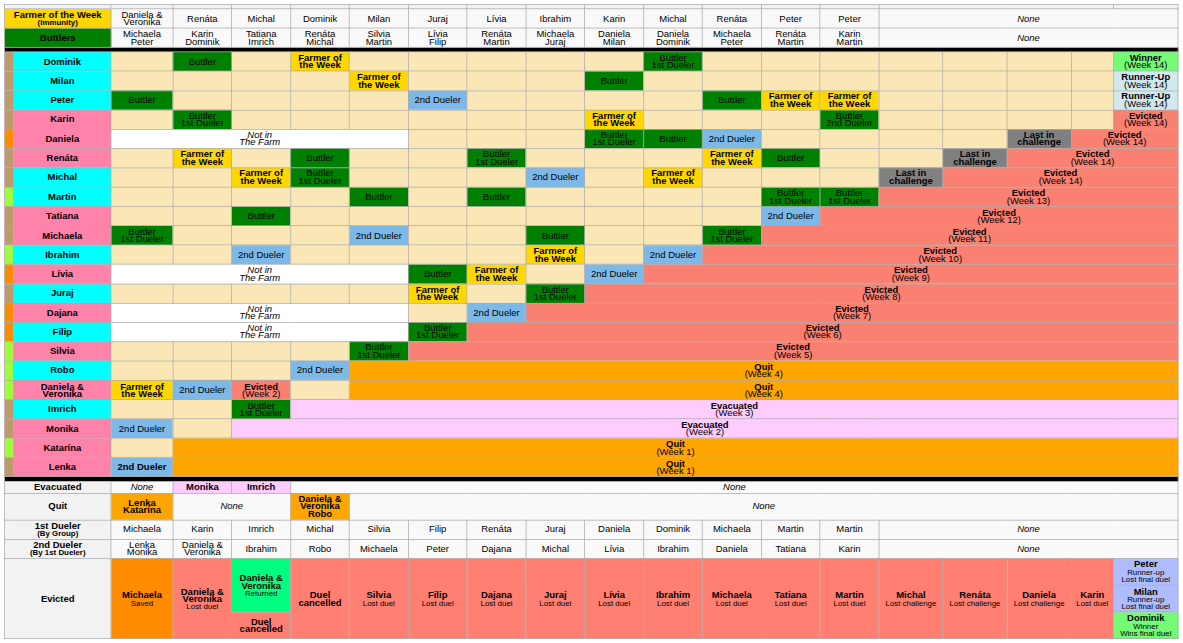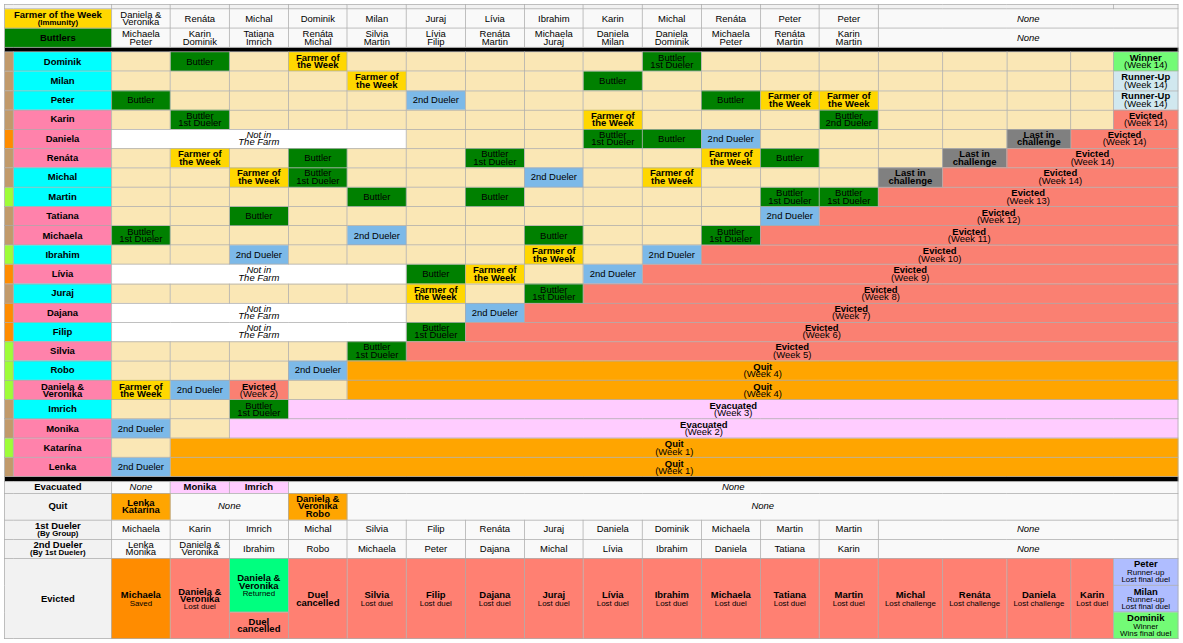 <table class="wikitable" style="text-align:center; width:80%; font-size:80%; line-height:10px">
 <tr>
 <th colspan=2></th>
 <th></th>
 <th></th>
 <th></th>
 <th></th>
 <th></th>
 <th></th>
 <th></th>
 <th></th>
 <th></th>
 <th></th>
 <th></th>
 <th></th>
 <th></th>
 <th colspan=4></th>
 <th></th>
 </tr>
 <tr>
 <th colspan=2 style="background:gold;">Farmer of the Week<br><small>(Immunity)</small></th>
 <td>Daniela &<br>Veronika</td>
 <td>Renáta</td>
 <td>Michal</td>
 <td>Dominik</td>
 <td>Milan</td>
 <td>Juraj</td>
 <td>Lívia</td>
 <td>Ibrahim</td>
 <td>Karin</td>
 <td>Michal</td>
 <td>Renáta</td>
 <td>Peter</td>
 <td>Peter</td>
 <td colspan=5><em>None</em></td>
 </tr>
 <tr>
 <th colspan=2 style="background:#008000;">Buttlers</th>
 <td>Michaela<br>Peter</td>
 <td>Karin<br>Dominik</td>
 <td>Tatiana<br>Imrich</td>
 <td>Renáta<br>Michal</td>
 <td>Silvia<br>Martin</td>
 <td>Lívia<br>Filip</td>
 <td>Renáta<br>Martin</td>
 <td>Michaela<br>Juraj</td>
 <td>Daniela<br>Milan</td>
 <td>Daniela<br>Dominik</td>
 <td>Michaela<br>Peter</td>
 <td>Renáta<br>Martin</td>
 <td>Karin<br>Martin</td>
 <td colspan=5><em>None</em></td>
 </tr>
 <tr>
 <th style="background:#000000;" colspan="20"></th>
 </tr>
 <tr>
 <td style="background:#C19A6B"></td>
 <th style="background:cyan;">Dominik</th>
 <td style="background:#FAE7B5;"></td>
 <td style="background:#008000;">Buttler</td>
 <td style="background:#FAE7B5;"></td>
 <td style="background:gold;"><strong>Farmer of<br>the Week</strong></td>
 <td style="background:#FAE7B5;"></td>
 <td style="background:#FAE7B5;"></td>
 <td style="background:#FAE7B5;"></td>
 <td style="background:#FAE7B5;"></td>
 <td style="background:#FAE7B5;"></td>
 <td style="background:#008000;">Buttler<br>1st Dueler</td>
 <td style="background:#FAE7B5;"></td>
 <td style="background:#FAE7B5;"></td>
 <td style="background:#FAE7B5;"></td>
 <td style="background:#FAE7B5;"></td>
 <td style="background:#FAE7B5;"></td>
 <td style="background:#FAE7B5;"></td>
 <td style="background:#FAE7B5;"></td>
 <td style="background:#73FB76" colspan=2><strong>Winner</strong> <br> (Week 14)</td>
 </tr>
 <tr>
 <td style="background:#C19A6B"></td>
 <th style="background:cyan;">Milan</th>
 <td style="background:#FAE7B5;"></td>
 <td style="background:#FAE7B5;"></td>
 <td style="background:#FAE7B5;"></td>
 <td style="background:#FAE7B5;"></td>
 <td style="background:gold;"><strong>Farmer of<br>the Week</strong></td>
 <td style="background:#FAE7B5;"></td>
 <td style="background:#FAE7B5;"></td>
 <td style="background:#FAE7B5;"></td>
 <td style="background:#008000;">Buttler</td>
 <td style="background:#FAE7B5;"></td>
 <td style="background:#FAE7B5;"></td>
 <td style="background:#FAE7B5;"></td>
 <td style="background:#FAE7B5;"></td>
 <td style="background:#FAE7B5;"></td>
 <td style="background:#FAE7B5;"></td>
 <td style="background:#FAE7B5;"></td>
 <td style="background:#FAE7B5;"></td>
 <td style="background:#D1E8EF" colspan=2><strong>Runner-Up</strong> <br> (Week 14)</td>
 </tr>
 <tr>
 <td style="background:#C19A6B"></td>
 <th style="background:cyan;">Peter</th>
 <td style="background:#008000;">Buttler</td>
 <td style="background:#FAE7B5;"></td>
 <td style="background:#FAE7B5;"></td>
 <td style="background:#FAE7B5;"></td>
 <td style="background:#FAE7B5;"></td>
 <td style="background:#7CB9E8;">2nd Dueler</td>
 <td style="background:#FAE7B5;"></td>
 <td style="background:#FAE7B5;"></td>
 <td style="background:#FAE7B5;"></td>
 <td style="background:#FAE7B5;"></td>
 <td style="background:#008000;">Buttler</td>
 <td style="background:gold;"><strong>Farmer of<br>the Week</strong></td>
 <td style="background:gold;"><strong>Farmer of<br>the Week</strong></td>
 <td style="background:#FAE7B5;"></td>
 <td style="background:#FAE7B5;"></td>
 <td style="background:#FAE7B5;"></td>
 <td style="background:#FAE7B5;"></td>
 <td style="background:#D1E8EF" colspan=2><strong>Runner-Up</strong> <br> (Week 14)</td>
 </tr>
 <tr>
 <td style="background:#C19A6B"></td>
 <th style="background:#FF82AB;">Karin</th>
 <td style="background:#FAE7B5;"></td>
 <td style="background:#008000;">Buttler<br>1st Dueler</td>
 <td style="background:#FAE7B5;"></td>
 <td style="background:#FAE7B5;"></td>
 <td style="background:#FAE7B5;"></td>
 <td style="background:#FAE7B5;"></td>
 <td style="background:#FAE7B5;"></td>
 <td style="background:#FAE7B5;"></td>
 <td style="background:gold;"><strong>Farmer of<br>the Week</strong></td>
 <td style="background:#FAE7B5;"></td>
 <td style="background:#FAE7B5;"></td>
 <td style="background:#FAE7B5;"></td>
 <td style="background:#008000;">Buttler<br>2nd Dueler</td>
 <td style="background:#FAE7B5;"></td>
 <td style="background:#FAE7B5;"></td>
 <td style="background:#FAE7B5;"></td>
 <td style="background:#FAE7B5;"></td>
 <td colspan=16 style="background:salmon;"><strong>Evicted</strong><br> (Week 14)</td>
 </tr>
 <tr>
 <td style="background:#FF8C00"></td>
 <th style="background:#FF82AB;">Daniela</th>
 <td style="background:#FFFFFF; text-align:center;" colspan=5><em>Not in<br>The Farm</em></td>
 <td style="background:#FAE7B5;"></td>
 <td style="background:#FAE7B5;"></td>
 <td style="background:#FAE7B5;"></td>
 <td style="background:#008000;">Buttler<br>1st Dueler</td>
 <td style="background:#008000;">Buttler</td>
 <td style="background:#7CB9E8;">2nd Dueler</td>
 <td style="background:#FAE7B5;"></td>
 <td style="background:#FAE7B5;"></td>
 <td style="background:#FAE7B5;"></td>
 <td style="background:#FAE7B5;"></td>
 <td style="background:grey;"><strong>Last in<br>challenge</strong></td>
 <td colspan=16 style="background:salmon;"><strong>Evicted</strong><br> (Week 14)</td>
 </tr>
 <tr>
 <td style="background:#C19A6B"></td>
 <th style="background:#FF82AB;">Renáta</th>
 <td style="background:#FAE7B5;"></td>
 <td style="background:gold;"><strong>Farmer of<br>the Week</strong></td>
 <td style="background:#FAE7B5;"></td>
 <td style="background:#008000;">Buttler</td>
 <td style="background:#FAE7B5;"></td>
 <td style="background:#FAE7B5;"></td>
 <td style="background:#008000;">Buttler<br>1st Dueler</td>
 <td style="background:#FAE7B5;"></td>
 <td style="background:#FAE7B5;"></td>
 <td style="background:#FAE7B5;"></td>
 <td style="background:gold;"><strong>Farmer of<br>the Week</strong></td>
 <td style="background:#008000;">Buttler</td>
 <td style="background:#FAE7B5;"></td>
 <td style="background:#FAE7B5;"></td>
 <td style="background:grey;"><strong>Last in<br>challenge</strong></td>
 <td colspan=16 style="background:salmon;"><strong>Evicted</strong><br> (Week 14)</td>
 </tr>
 <tr>
 <td style="background:#C19A6B"></td>
 <th style="background:cyan;">Michal</th>
 <td style="background:#FAE7B5;"></td>
 <td style="background:#FAE7B5;"></td>
 <td style="background:gold;"><strong>Farmer of<br>the Week</strong></td>
 <td style="background:#008000;">Buttler<br>1st Dueler</td>
 <td style="background:#FAE7B5;"></td>
 <td style="background:#FAE7B5;"></td>
 <td style="background:#FAE7B5;"></td>
 <td style="background:#7CB9E8;">2nd Dueler</td>
 <td style="background:#FAE7B5;"></td>
 <td style="background:gold;"><strong>Farmer of<br>the Week</strong></td>
 <td style="background:#FAE7B5;"></td>
 <td style="background:#FAE7B5;"></td>
 <td style="background:#FAE7B5;"></td>
 <td style="background:grey;"><strong>Last in<br>challenge</strong></td>
 <td colspan=16 style="background:salmon;"><strong>Evicted</strong><br> (Week 14)</td>
 </tr>
 <tr>
 <td style="background:#9EFD38"></td>
 <th style="background:cyan;">Martin</th>
 <td style="background:#FAE7B5;"></td>
 <td style="background:#FAE7B5;"></td>
 <td style="background:#FAE7B5;"></td>
 <td style="background:#FAE7B5;"></td>
 <td style="background:#008000;">Buttler</td>
 <td style="background:#FAE7B5;"></td>
 <td style="background:#008000;">Buttler</td>
 <td style="background:#FAE7B5;"></td>
 <td style="background:#FAE7B5;"></td>
 <td style="background:#FAE7B5;"></td>
 <td style="background:#FAE7B5;"></td>
 <td style="background:#008000;">Buttler<br>1st Dueler</td>
 <td style="background:#008000;">Buttler<br>1st Dueler</td>
 <td colspan=16 style="background:salmon;"><strong>Evicted</strong><br> (Week 13)</td>
 </tr>
 <tr>
 <td style="background:#C19A6B"></td>
 <th style="background:#FF82AB;">Tatiana</th>
 <td style="background:#FAE7B5;"></td>
 <td style="background:#FAE7B5;"></td>
 <td style="background:#008000;">Buttler</td>
 <td style="background:#FAE7B5;"></td>
 <td style="background:#FAE7B5;"></td>
 <td style="background:#FAE7B5;"></td>
 <td style="background:#FAE7B5;"></td>
 <td style="background:#FAE7B5;"></td>
 <td style="background:#FAE7B5;"></td>
 <td style="background:#FAE7B5;"></td>
 <td style="background:#FAE7B5;"></td>
 <td style="background:#7CB9E8;">2nd Dueler</td>
 <td colspan=16 style="background:salmon;"><strong>Evicted</strong><br> (Week 12)</td>
 </tr>
 <tr>
 <td style="background:#C19A6B"></td>
 <th style="background:#FF82AB;">Michaela</th>
 <td style="background:#008000;">Buttler<br>1st Dueler</td>
 <td style="background:#FAE7B5;"></td>
 <td style="background:#FAE7B5;"></td>
 <td style="background:#FAE7B5;"></td>
 <td style="background:#7CB9E8;">2nd Dueler</td>
 <td style="background:#FAE7B5;"></td>
 <td style="background:#FAE7B5;"></td>
 <td style="background:#008000;">Buttler</td>
 <td style="background:#FAE7B5;"></td>
 <td style="background:#FAE7B5;"></td>
 <td style="background:#008000;">Buttler<br>1st Dueler</td>
 <td colspan=16 style="background:salmon;"><strong>Evicted</strong><br> (Week 11)</td>
 </tr>
 <tr>
 <td style="background:#9EFD38"></td>
 <th style="background:cyan;">Ibrahim</th>
 <td style="background:#FAE7B5;"></td>
 <td style="background:#FAE7B5;"></td>
 <td style="background:#7CB9E8;">2nd Dueler</td>
 <td style="background:#FAE7B5;"></td>
 <td style="background:#FAE7B5;"></td>
 <td style="background:#FAE7B5;"></td>
 <td style="background:#FAE7B5;"></td>
 <td style="background:gold;"><strong>Farmer of<br>the Week</strong></td>
 <td style="background:#FAE7B5;"></td>
 <td style="background:#7CB9E8;">2nd Dueler</td>
 <td colspan=16 style="background:salmon;"><strong>Evicted</strong><br> (Week 10)</td>
 </tr>
 <tr>
 <td style="background:#FF8C00"></td>
 <th style="background:#FF82AB;">Lívia</th>
 <td style="background:#FFFFFF; text-align:center;" colspan=5><em>Not in<br>The Farm</em></td>
 <td style="background:#008000;">Buttler</td>
 <td style="background:gold;"><strong>Farmer of<br>the Week</strong></td>
 <td style="background:#FAE7B5;"></td>
 <td style="background:#7CB9E8;">2nd Dueler</td>
 <td colspan=16 style="background:salmon;"><strong>Evicted</strong><br> (Week 9)</td>
 </tr>
 <tr>
 <td style="background:#C19A6B"></td>
 <th style="background:cyan;">Juraj</th>
 <td style="background:#FAE7B5;"></td>
 <td style="background:#FAE7B5;"></td>
 <td style="background:#FAE7B5;"></td>
 <td style="background:#FAE7B5;"></td>
 <td style="background:#FAE7B5;"></td>
 <td style="background:gold;"><strong>Farmer of<br>the Week</strong></td>
 <td style="background:#FAE7B5;"></td>
 <td style="background:#008000;">Buttler<br>1st Dueler</td>
 <td colspan=16 style="background:salmon;"><strong>Evicted</strong><br> (Week 8)</td>
 </tr>
 <tr>
 <td style="background:#FF8C00"></td>
 <th style="background:#FF82AB;">Dajana</th>
 <td style="background:#FFFFFF; text-align:center;" colspan=5><em>Not in<br>The Farm</em></td>
 <td style="background:#FAE7B5;"></td>
 <td style="background:#7CB9E8;">2nd Dueler</td>
 <td colspan=16 style="background:salmon;"><strong>Evicted</strong><br> (Week 7)</td>
 </tr>
 <tr>
 <td style="background:#FF8C00"></td>
 <th style="background:cyan;">Filip</th>
 <td style="background:#FFFFFF; text-align:center;" colspan=5><em>Not in<br>The Farm</em></td>
 <td style="background:#008000;">Buttler<br>1st Dueler</td>
 <td colspan=16 style="background:salmon;"><strong>Evicted</strong><br> (Week 6)</td>
 </tr>
 <tr>
 <td style="background:#9EFD38"></td>
 <th style="background:#FF82AB;">Silvia</th>
 <td style="background:#FAE7B5;"></td>
 <td style="background:#FAE7B5;"></td>
 <td style="background:#FAE7B5;"></td>
 <td style="background:#FAE7B5;"></td>
 <td style="background:#008000;">Buttler<br>1st Dueler</td>
 <td colspan=16 style="background:salmon;"><strong>Evicted</strong><br> (Week 5)</td>
 </tr>
 <tr>
 <td style="background:#9EFD38"></td>
 <th style="background:cyan;">Robo</th>
 <td style="background:#FAE7B5;"></td>
 <td style="background:#FAE7B5;"></td>
 <td style="background:#FAE7B5;"></td>
 <td style="background:#7CB9E8;">2nd Dueler</td>
 <td style="background:#FFA500; text-align:center;" colspan=15><strong>Quit</strong> <br> (Week 4)</td>
 </tr>
 <tr>
 <td style="background:#9EFD38"></td>
 <th style="background:#FF82AB;">Daniela &<br>Veronika</th>
 <td style="background:gold;"><strong>Farmer of<br>the Week</strong></td>
 <td style="background:#7CB9E8;">2nd Dueler</td>
 <td style="background:salmon;"><strong>Evicted</strong><br> (Week 2)</td>
 <td style="background:#FAE7B5;"></td>
 <td style="background:#FFA500; text-align:center;" colspan=15><strong>Quit</strong> <br> (Week 4)</td>
 </tr>
 <tr>
 <td style="background:#C19A6B"></td>
 <th style="background:cyan;">Imrich</th>
 <td style="background:#FAE7B5;"></td>
 <td style="background:#FAE7B5;"></td>
 <td style="background:#008000;">Buttler<br>1st Dueler</td>
 <td style="background:#fcf; text-align:center;" colspan=16><strong>Evacuated</strong> <br> (Week 3)</td>
 </tr>
 <tr>
 <td style="background:#C19A6B"></td>
 <th style="background:#FF82AB;">Monika</th>
 <td style="background:#7CB9E8;">2nd Dueler</td>
 <td style="background:#FAE7B5;"></td>
 <td style="background:#fcf; text-align:center;" colspan=17><strong>Evacuated</strong> <br> (Week 2)</td>
 </tr>
 <tr>
 <td style="background:#9EFD38"></td>
 <th style="background:#FF82AB;">Katarína</th>
 <td style="background:#FAE7B5;"></td>
 <td style="background:#FFA500; text-align:center;" colspan=17><strong>Quit</strong> <br> (Week 1)</td>
 </tr>
 <tr>
 <td style="background:#C19A6B"></td>
 <th style="background:#FF82AB;">Lenka</th>
-<td style="background:#7CB9E8;"><strong>2nd Dueler</strong></td>
+<td style="background:#7CB9E8;">2nd Dueler</td>
 <td style="background:#FFA500; text-align:center;" colspan=17><strong>Quit</strong> <br> (Week 1)</td>
 </tr>
 <tr>
 <th style="background:#000000;" colspan="20"></th>
 </tr>
 <tr>
 <th colspan=2>Evacuated</th>
 <td colspan="1"><em>None</em></td>
 <td style="background:#fcf;"><strong>Monika</strong></td>
 <td style="background:#fcf;"><strong>Imrich</strong></td>
 <td colspan="17"><em>None</em></td>
 </tr>
 <tr>
 <th colspan=2>Quit</th>
 <td style="background:#FFA500;"><strong>Lenka</strong><br><strong>Katarína</strong></td>
 <td colspan="2"><em>None</em></td>
 <td style="background:#FFA500;"><strong>Daniela &<br>Veronika</strong><br><strong>Robo</strong></td>
 <td colspan="17"><em>None</em></td>
 </tr>
 <tr>
 <th colspan=2>1st Dueler<br><small>(By Group)</small></th>
 <td>Michaela</td>
 <td>Karin</td>
 <td>Imrich</td>
 <td>Michal</td>
 <td>Silvia</td>
 <td>Filip</td>
 <td>Renáta</td>
 <td>Juraj</td>
 <td>Daniela</td>
 <td>Dominik</td>
 <td>Michaela</td>
 <td>Martin</td>
 <td>Martin</td>
 <td colspan=10><em>None</em></td>
 </tr>
 <tr>
 <th colspan=2>2nd Dueler<br><small>(By 1st Dueler)</small></th>
 <td>Lenka<br>Monika</td>
 <td>Daniela &<br>Veronika</td>
 <td>Ibrahim</td>
 <td>Robo</td>
 <td>Michaela</td>
 <td>Peter</td>
 <td>Dajana</td>
 <td>Michal</td>
 <td>Lívia</td>
 <td>Ibrahim</td>
 <td>Daniela</td>
 <td>Tatiana</td>
 <td>Karin</td>
 <td colspan=10><em>None</em></td>
 </tr>
 <tr>
 <th colspan=2 rowspan="3">Evicted</th>
 <td rowspan="3" style="background:#FF8C00"><strong>Michaela</strong><br><small>Saved</small></td>
 <td rowspan="3" style="background:#FF8072"><strong>Daniela &<br>Veronika</strong><br><small>Lost duel</small></td>
 <td rowspan="2" style="background:#00FF7F"><strong>Daniela &<br>Veronika</strong><br><small>Returned</small></td>
 <td rowspan="3" style="background:#FF8072"><strong>Duel<br>cancelled</strong><br><small></small></td>
 <td rowspan="3" style="background:#FF8072"><strong>Silvia</strong><br><small>Lost duel</small></td>
 <td rowspan="3" style="background:#FF8072"><strong>Filip</strong><br><small>Lost duel</small></td>
 <td rowspan="3" style="background:#FF8072"><strong>Dajana</strong><br><small>Lost duel</small></td>
 <td rowspan="3" style="background:#FF8072"><strong>Juraj</strong><br><small>Lost duel</small></td>
 <td rowspan="3" style="background:#FF8072"><strong>Lívia</strong><br><small>Lost duel</small></td>
 <td rowspan="3" style="background:#FF8072"><strong>Ibrahim</strong><br><small>Lost duel</small></td>
 <td rowspan="3" style="background:#FF8072"><strong>Michaela</strong><br><small>Lost duel</small></td>
 <td rowspan="3" style="background:#FF8072"><strong>Tatiana</strong><br><small>Lost duel</small></td>
 <td rowspan="3" style="background:#FF8072"><strong>Martin</strong><br><small>Lost duel</small></td>
 <td rowspan="3" style="background:#FF8072"><strong>Michal</strong><br><small>Lost challenge</small></td>
 <td rowspan="3" style="background:#FF8072"><strong>Renáta</strong><br><small>Lost challenge</small></td>
 <td rowspan="3" style="background:#FF8072"><strong>Daniela</strong><br><small>Lost challenge</small></td>
 <td rowspan="3" style="background:#FF8072"><strong>Karin</strong><br><small>Lost duel</small></td>
 <td style="background:#afbdff"><strong>Peter</strong><br><small>Runner-up<br>Lost final duel</small></td>
 </tr>
 <tr>
 <td style="background:#afbdff"><strong>Milan</strong><br><small>Runner-up<br>Lost final duel</small></td>
 </tr>
 <tr>
 <td style="background:#FF8072"><strong>Duel<br>cancelled</strong><br><small></small></td>
 <td style="background:#73FB76"><strong>Dominik</strong><br><small>Winner<br>Wins final duel</small></td>
 </tr>
 </table>
